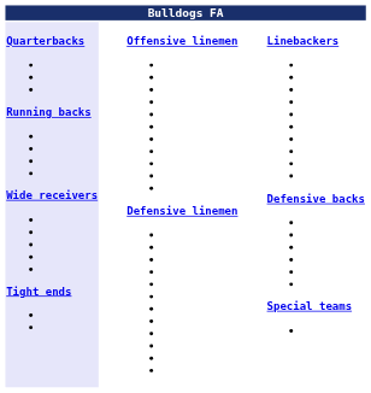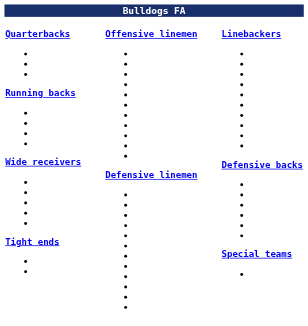 <table class="toccolours" style="text-align: left;">
 <tr>
 <th colspan=7 style="background-color: #192f6b; color:#fff; text-align:center;">Bulldogs FA</th>
 </tr>
 <tr>
-<td style="background: lavender; font-size: 95%;" valign="top"><br><strong><a href='#'>Quarterbacks</a></strong><ul><li></li><li></li><li></li></ul><strong><a href='#'>Running backs</a></strong><ul><li> </li><li></li><li></li><li></li></ul><strong><a href='#'>Wide receivers</a></strong><ul><li></li><li></li><li></li><li></li><li></li></ul><strong><a href='#'>Tight ends</a></strong><ul><li></li><li></li></ul></td>
+<td style="font-size: 95%;" valign="top"><br><strong><a href='#'>Quarterbacks</a></strong><ul><li></li><li></li><li></li></ul><strong><a href='#'>Running backs</a></strong><ul><li> </li><li></li><li></li><li></li></ul><strong><a href='#'>Wide receivers</a></strong><ul><li></li><li></li><li></li><li></li><li></li></ul><strong><a href='#'>Tight ends</a></strong><ul><li></li><li></li></ul></td>
 <td style="width: 25px;"></td>
 <td style="font-size: 95%;" valign="top"><br><strong><a href='#'>Offensive linemen</a></strong><ul><li></li><li> </li><li></li><li></li><li></li><li></li><li></li><li></li><li></li><li></li><li></li></ul><strong><a href='#'>Defensive linemen</a></strong><ul><li></li><li></li><li></li><li></li><li></li><li></li><li></li><li></li><li></li><li></li><li></li><li></li></ul></td>
 <td style="width: 25px;"></td>
 <td style="font-size: 95%;" valign="top"><br><strong><a href='#'>Linebackers</a></strong><ul><li></li><li></li><li> </li><li></li><li></li><li></li><li></li><li> </li><li></li><li></li></ul><strong><a href='#'>Defensive backs</a></strong><ul><li></li><li></li><li></li><li></li><li></li><li></li></ul><strong><a href='#'>Special teams</a></strong><ul><li></li></ul></td>
 </tr>
 <tr>
 </tr>
 </table>
